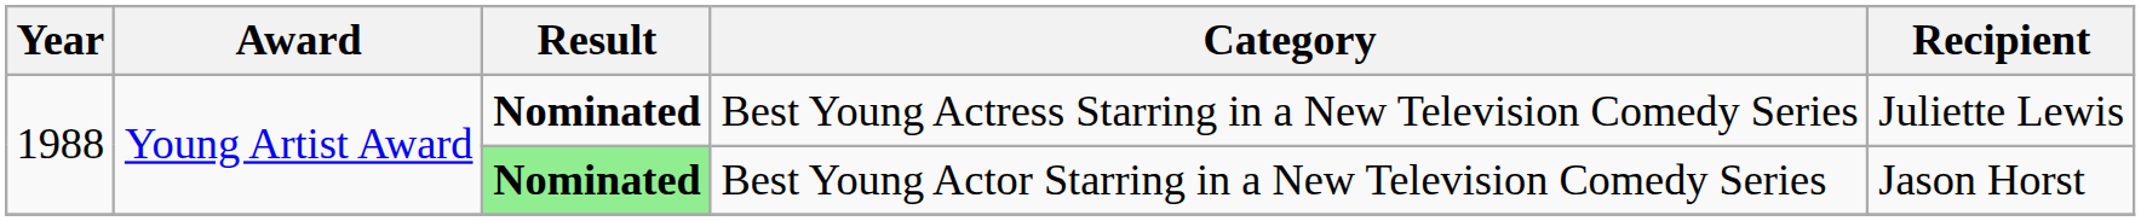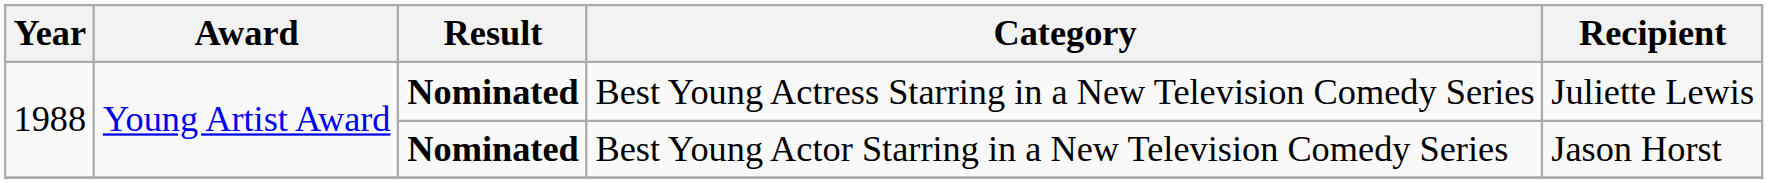 <table class="wikitable">
 <tr>
 <th>Year</th>
 <th>Award</th>
 <th>Result</th>
 <th>Category</th>
 <th>Recipient</th>
 </tr>
 <tr>
 <td rowspan=2>1988</td>
 <td rowspan=2><a href='#'>Young Artist Award</a></td>
 <td><strong>Nominated</strong></td>
 <td>Best Young Actress Starring in a New Television Comedy Series</td>
 <td>Juliette Lewis</td>
 </tr>
 <tr>
-<td style="background: lightgreen;"><strong>Nominated</strong></td>
+<td><strong>Nominated</strong></td>
 <td>Best Young Actor Starring in a New Television Comedy Series</td>
 <td>Jason Horst</td>
 </tr>
 <tr>
 </tr>
 </table>
